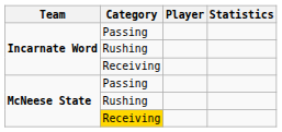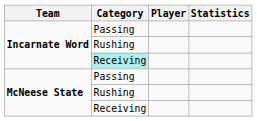 <table class="wikitable" style="float: left;">
 <tr>
 <th>Team</th>
 <th>Category</th>
 <th>Player</th>
 <th>Statistics</th>
 </tr>
 <tr>
 <td rowspan=3><strong>Incarnate Word</strong></td>
 <td>Passing</td>
 <td> </td>
 <td> </td>
 </tr>
 <tr>
 <td>Rushing</td>
 <td> </td>
 <td> </td>
 </tr>
 <tr>
-<td>Receiving</td>
+<td style="background: paleturquoise;">Receiving</td>
 <td> </td>
 <td> </td>
 </tr>
 <tr>
 <td rowspan=3><strong>McNeese State</strong></td>
 <td>Passing</td>
 <td> </td>
 <td> </td>
 </tr>
 <tr>
 <td>Rushing</td>
 <td> </td>
 <td> </td>
 </tr>
 <tr>
-<td style="background: gold;">Receiving</td>
+<td>Receiving</td>
 <td> </td>
 <td> </td>
 </tr>
 </table>
